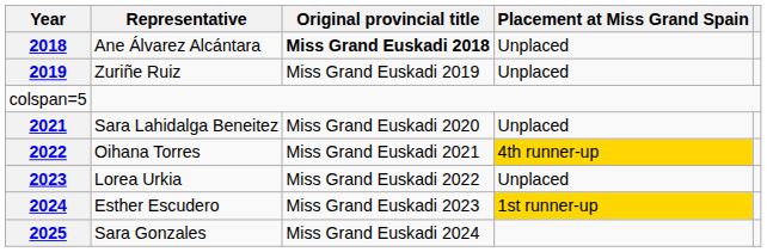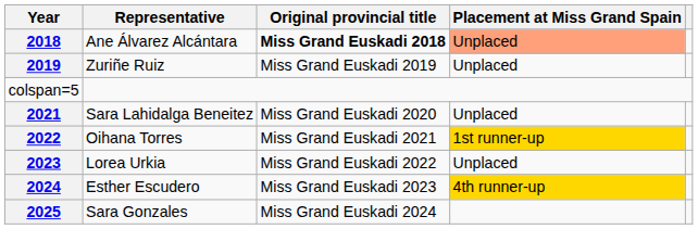 <table class="wikitable defaultcenter col2left" style="font-size:95%;">
 <tr>
 <th>Year</th>
 <th>Representative</th>
 <th>Original provincial title</th>
 <th>Placement at Miss Grand Spain</th>
 <th></th>
 </tr>
 <tr>
 <th><a href='#'>2018</a></th>
 <td>Ane Álvarez Alcántara</td>
 <td><strong>Miss Grand Euskadi 2018</strong></td>
-<td>Unplaced</td>
+<td style="background: lightsalmon;">Unplaced</td>
 <td></td>
 </tr>
 <tr>
 <th><a href='#'>2019</a></th>
 <td>Zuriñe Ruiz</td>
 <td>Miss Grand Euskadi 2019</td>
 <td>Unplaced</td>
 <td></td>
 </tr>
 <tr>
 <td>colspan=5 </td>
 </tr>
 <tr>
 <th><a href='#'>2021</a></th>
 <td>Sara Lahidalga Beneitez</td>
 <td>Miss Grand Euskadi 2020</td>
 <td>Unplaced</td>
 <td></td>
 </tr>
 <tr>
 <th><a href='#'>2022</a></th>
 <td>Oihana Torres</td>
 <td>Miss Grand Euskadi 2021</td>
-<td bgcolor=gold>4th runner-up</td>
+<td bgcolor=gold>1st runner-up</td>
 <td></td>
 </tr>
 <tr>
 <th><a href='#'>2023</a></th>
 <td>Lorea Urkia</td>
 <td>Miss Grand Euskadi 2022</td>
 <td>Unplaced</td>
 <td></td>
 </tr>
 <tr>
 <th><a href='#'>2024</a></th>
 <td>Esther Escudero</td>
 <td>Miss Grand Euskadi 2023</td>
-<td bgcolor=gold>1st runner-up</td>
+<td bgcolor=gold>4th runner-up</td>
 <td></td>
 </tr>
 <tr>
 <th><a href='#'>2025</a></th>
 <td>Sara Gonzales</td>
 <td>Miss Grand Euskadi 2024</td>
 <td></td>
 <td></td>
 </tr>
 </table>
